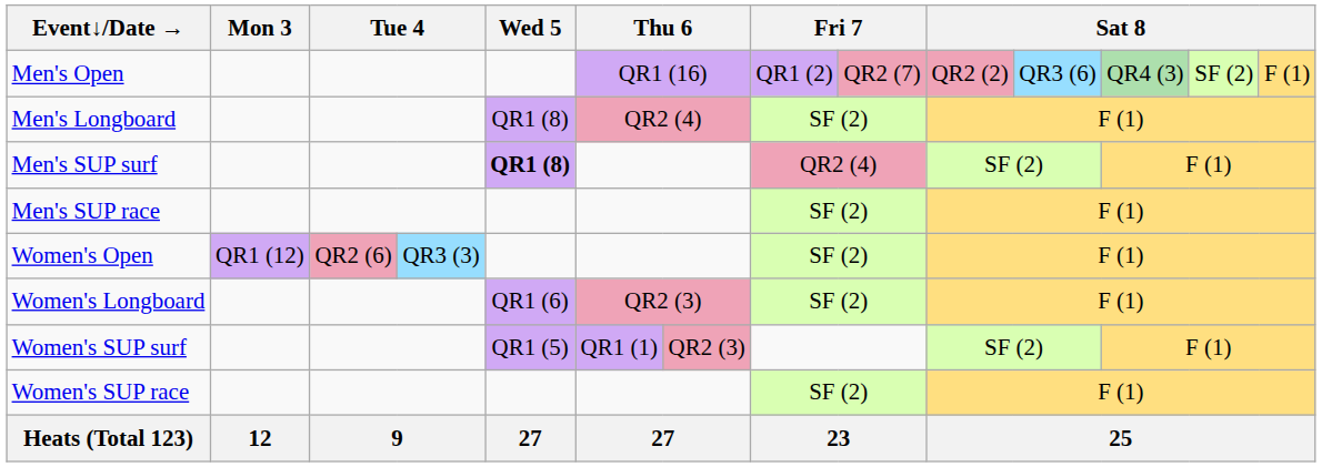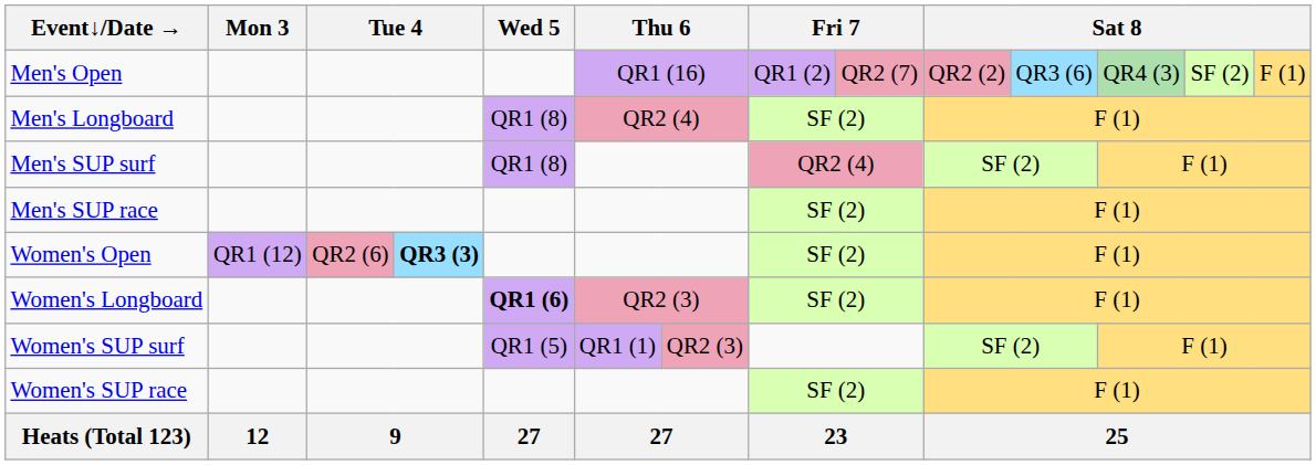 <table class="wikitable" style="margin:0.5em auto; line-height:1.5em;">
 <tr>
 <th>Event↓/Date →</th>
 <th>Mon 3</th>
 <th colspan=2>Tue 4</th>
 <th>Wed 5</th>
 <th colspan=2>Thu 6</th>
 <th colspan=2>Fri 7</th>
 <th colspan=5>Sat 8</th>
 </tr>
 <tr align=center>
 <td align=left><a href='#'>Men's Open</a></td>
 <td></td>
 <td colspan=2></td>
 <td></td>
 <td colspan=2 style="background-color:#D0A9F5;">QR1 (16)</td>
 <td style="background-color:#D0A9F5;">QR1 (2)</td>
 <td style="background-color:#EFA3B7;">QR2 (7)</td>
 <td style="background-color:#EFA3B7;">QR2 (2)</td>
 <td style="background-color:#97DEFF;">QR3 (6)</td>
 <td style="background-color:#ADDFAD;">QR4 (3)</td>
 <td style="background-color:#D9FFB2;">SF (2)</td>
 <td style="background-color:#FFDF80;">F (1)</td>
 </tr>
 <tr align=center>
 <td align=left><a href='#'>Men's Longboard</a></td>
 <td></td>
 <td colspan=2></td>
 <td style="background-color:#D0A9F5;">QR1 (8)</td>
 <td colspan=2 style="background-color:#EFA3B7;">QR2 (4)</td>
 <td colspan=2 style="background-color:#D9FFB2;">SF (2)</td>
 <td colspan=5 style="background-color:#FFDF80;">F (1)</td>
 </tr>
 <tr align=center>
 <td align=left><a href='#'>Men's SUP surf</a></td>
 <td></td>
 <td colspan=2></td>
-<td style="background-color:#D0A9F5;"><strong>QR1 (8)</strong></td>
+<td style="background-color:#D0A9F5;">QR1 (8)</td>
 <td colspan=2></td>
 <td colspan=2 style="background-color:#EFA3B7;">QR2 (4)</td>
 <td colspan=2 style="background-color:#D9FFB2;">SF (2)</td>
 <td colspan=3 style="background-color:#FFDF80;">F (1)</td>
 </tr>
 <tr align=center>
 <td align=left><a href='#'>Men's SUP race</a></td>
 <td></td>
 <td colspan=2></td>
 <td></td>
 <td colspan=2></td>
 <td colspan=2 style="background-color:#D9FFB2;">SF (2)</td>
 <td colspan=5 style="background-color:#FFDF80;">F (1)</td>
 </tr>
 <tr align=center>
 <td align=left><a href='#'>Women's Open</a></td>
 <td style="background-color:#D0A9F5;">QR1 (12)</td>
 <td style="background-color:#EFA3B7;">QR2 (6)</td>
-<td style="background-color:#97DEFF;">QR3 (3)</td>
+<td style="background-color:#97DEFF;"><strong>QR3 (3)</strong></td>
 <td></td>
 <td colspan=2></td>
 <td colspan=2 style="background-color:#D9FFB2;">SF (2)</td>
 <td colspan=5 style="background-color:#FFDF80;">F (1)</td>
 </tr>
 <tr align=center>
 <td align=left><a href='#'>Women's Longboard</a></td>
 <td></td>
 <td colspan=2></td>
-<td style="background-color:#D0A9F5;">QR1 (6)</td>
+<td style="background-color:#D0A9F5;"><strong>QR1 (6)</strong></td>
 <td colspan=2 style="background-color:#EFA3B7;">QR2 (3)</td>
 <td colspan=2 style="background-color:#D9FFB2;">SF (2)</td>
 <td colspan=5 style="background-color:#FFDF80;">F (1)</td>
 </tr>
 <tr align=center>
 <td align=left><a href='#'>Women's SUP surf</a></td>
 <td></td>
 <td colspan=2></td>
 <td style="background-color:#D0A9F5;">QR1 (5)</td>
 <td style="background-color:#D0A9F5;">QR1 (1)</td>
 <td style="background-color:#EFA3B7;">QR2 (3)</td>
 <td colspan=2></td>
 <td colspan=2 style="background-color:#D9FFB2;">SF (2)</td>
 <td colspan=3 style="background-color:#FFDF80;">F (1)</td>
 </tr>
 <tr align=center>
 <td align=left><a href='#'>Women's SUP race</a></td>
 <td></td>
 <td colspan=2></td>
 <td></td>
 <td colspan=2></td>
 <td colspan=2 style="background-color:#D9FFB2;">SF (2)</td>
 <td colspan=5 style="background-color:#FFDF80;">F (1)</td>
 </tr>
 <tr>
 <th>Heats (Total 123)</th>
 <th>12</th>
 <th colspan=2>9</th>
 <th>27</th>
 <th colspan=2>27</th>
 <th colspan=2>23</th>
 <th colspan=5>25</th>
 </tr>
 </table>
